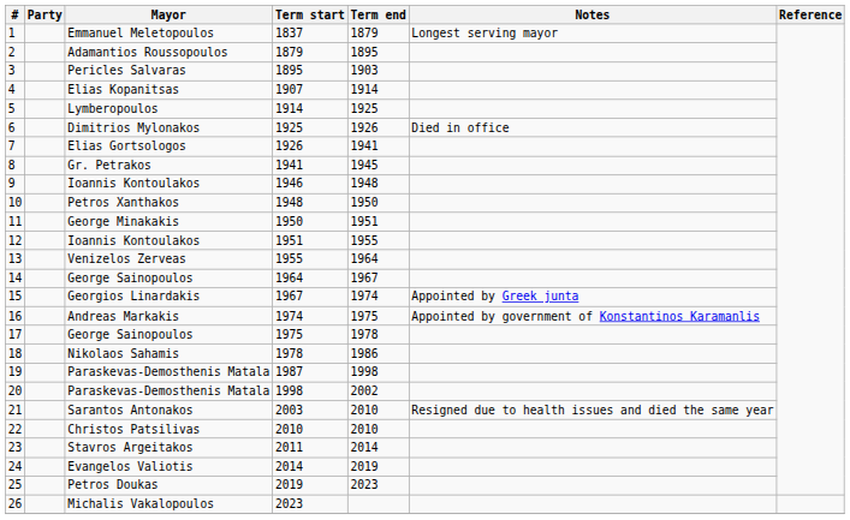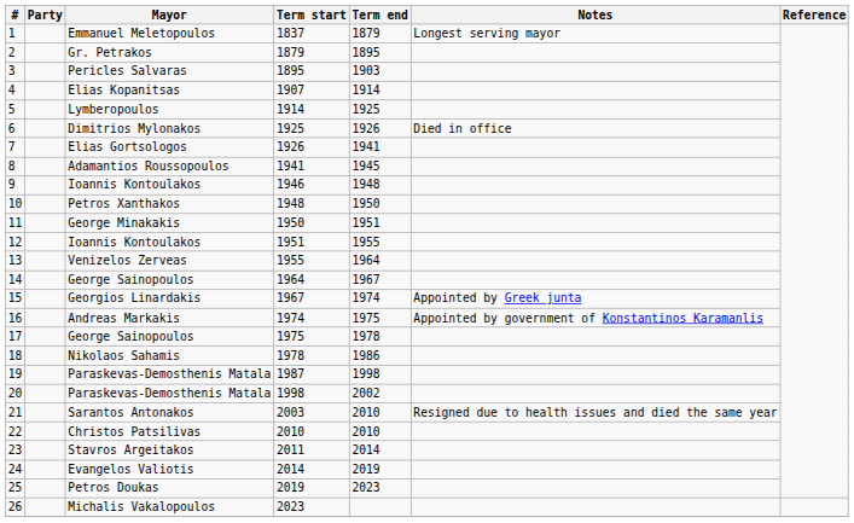 <table class="wikitable">
 <tr>
 <th>#</th>
 <th>Party</th>
 <th>Mayor</th>
 <th>Term start</th>
 <th>Term end</th>
 <th>Notes</th>
 <th>Reference</th>
 </tr>
 <tr>
 <td>1</td>
 <td></td>
 <td>Emmanuel Meletopoulos</td>
 <td>1837</td>
 <td>1879</td>
 <td>Longest serving mayor</td>
 <td rowspan="25" align="center"></td>
 </tr>
 <tr>
 <td>2</td>
 <td></td>
-<td>Adamantios Roussopoulos</td>
+<td>Gr. Petrakos</td>
 <td>1879</td>
 <td>1895</td>
 <td></td>
 </tr>
 <tr>
 <td>3</td>
 <td></td>
 <td>Pericles Salvaras</td>
 <td>1895</td>
 <td>1903</td>
 <td></td>
 </tr>
 <tr>
 <td>4</td>
 <td></td>
 <td>Elias Kopanitsas</td>
 <td>1907</td>
 <td>1914</td>
 <td></td>
 </tr>
 <tr>
 <td>5</td>
 <td></td>
 <td>Lymberopoulos</td>
 <td>1914</td>
 <td>1925</td>
 <td></td>
 </tr>
 <tr>
 <td>6</td>
 <td></td>
 <td>Dimitrios Mylonakos</td>
 <td>1925</td>
 <td>1926</td>
 <td>Died in office</td>
 </tr>
 <tr>
 <td>7</td>
 <td></td>
 <td>Elias Gortsologos</td>
 <td>1926</td>
 <td>1941</td>
 <td></td>
 </tr>
 <tr>
 <td>8</td>
 <td></td>
-<td>Gr. Petrakos</td>
+<td>Adamantios Roussopoulos</td>
 <td>1941</td>
 <td>1945</td>
 <td></td>
 </tr>
 <tr>
 <td>9</td>
 <td></td>
 <td>Ioannis Kontoulakos</td>
 <td>1946</td>
 <td>1948</td>
 <td></td>
 </tr>
 <tr>
 <td>10</td>
 <td></td>
 <td>Petros Xanthakos</td>
 <td>1948</td>
 <td>1950</td>
 <td></td>
 </tr>
 <tr>
 <td>11</td>
 <td></td>
 <td>George Minakakis</td>
 <td>1950</td>
 <td>1951</td>
 <td></td>
 </tr>
 <tr>
 <td>12</td>
 <td></td>
 <td>Ioannis Kontoulakos</td>
 <td>1951</td>
 <td>1955</td>
 <td></td>
 </tr>
 <tr>
 <td>13</td>
 <td></td>
 <td>Venizelos Zerveas</td>
 <td>1955</td>
 <td>1964</td>
 <td></td>
 </tr>
 <tr>
 <td>14</td>
 <td></td>
 <td>George Sainopoulos</td>
 <td>1964</td>
 <td>1967</td>
 <td></td>
 </tr>
 <tr>
 <td>15</td>
 <td></td>
 <td>Georgios Linardakis</td>
 <td>1967</td>
 <td>1974</td>
 <td>Appointed by <a href='#'>Greek junta</a></td>
 </tr>
 <tr>
 <td>16</td>
 <td></td>
 <td>Andreas Markakis</td>
 <td>1974</td>
 <td>1975</td>
 <td>Appointed by government of <a href='#'>Konstantinos Karamanlis</a></td>
 </tr>
 <tr>
 <td>17</td>
 <td></td>
 <td>George Sainopoulos</td>
 <td>1975</td>
 <td>1978</td>
 <td></td>
 </tr>
 <tr>
 <td>18</td>
 <td></td>
 <td>Nikolaos Sahamis</td>
 <td>1978</td>
 <td>1986</td>
 <td></td>
 </tr>
 <tr>
 <td>19</td>
 <td></td>
 <td>Paraskevas-Demosthenis Matala</td>
 <td>1987</td>
 <td>1998</td>
 <td></td>
 </tr>
 <tr>
 <td>20</td>
 <td></td>
 <td>Paraskevas-Demosthenis Matala</td>
 <td>1998</td>
 <td>2002</td>
 <td></td>
 </tr>
 <tr>
 <td>21</td>
 <td></td>
 <td>Sarantos Antonakos</td>
 <td>2003</td>
 <td>2010</td>
 <td>Resigned due to health issues and died the same year</td>
 </tr>
 <tr>
 <td>22</td>
 <td></td>
 <td>Christos Patsilivas</td>
 <td>2010</td>
 <td>2010</td>
 <td></td>
 </tr>
 <tr>
 <td>23</td>
 <td></td>
 <td>Stavros Argeitakos</td>
 <td>2011</td>
 <td>2014</td>
 <td></td>
 </tr>
 <tr>
 <td>24</td>
 <td></td>
 <td>Evangelos Valiotis</td>
 <td>2014</td>
 <td>2019</td>
 <td></td>
 </tr>
 <tr>
 <td>25</td>
 <td></td>
 <td>Petros Doukas</td>
 <td>2019</td>
 <td>2023</td>
 <td></td>
 </tr>
 <tr>
 <td>26</td>
 <td></td>
 <td>Michalis Vakalopoulos</td>
 <td>2023</td>
 <td></td>
 <td></td>
 <td></td>
 </tr>
 <tr>
 </tr>
 </table>
